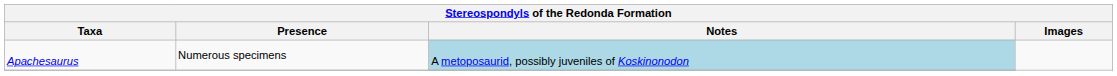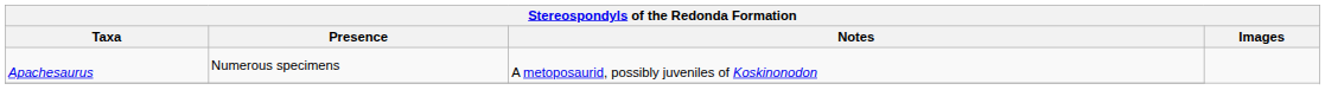 <table class="wikitable" align="center" width="100%">
 <tr>
 <th colspan="5" align="center"><strong><a href='#'>Stereospondyls</a> of the Redonda Formation</strong></th>
 </tr>
 <tr>
 <th>Taxa</th>
 <th>Presence</th>
 <th>Notes</th>
 <th>Images</th>
 </tr>
 <tr>
 <td><br><em><a href='#'>Apachesaurus</a></em></td>
 <td>Numerous specimens</td>
-<td style="background: lightblue;"><br>A <a href='#'>metoposaurid</a>, possibly juveniles of <em><a href='#'>Koskinonodon</a></em></td>
+<td><br>A <a href='#'>metoposaurid</a>, possibly juveniles of <em><a href='#'>Koskinonodon</a></em></td>
 <td rowspan="99"><br></td>
 </tr>
 <tr>
 </tr>
 </table>
